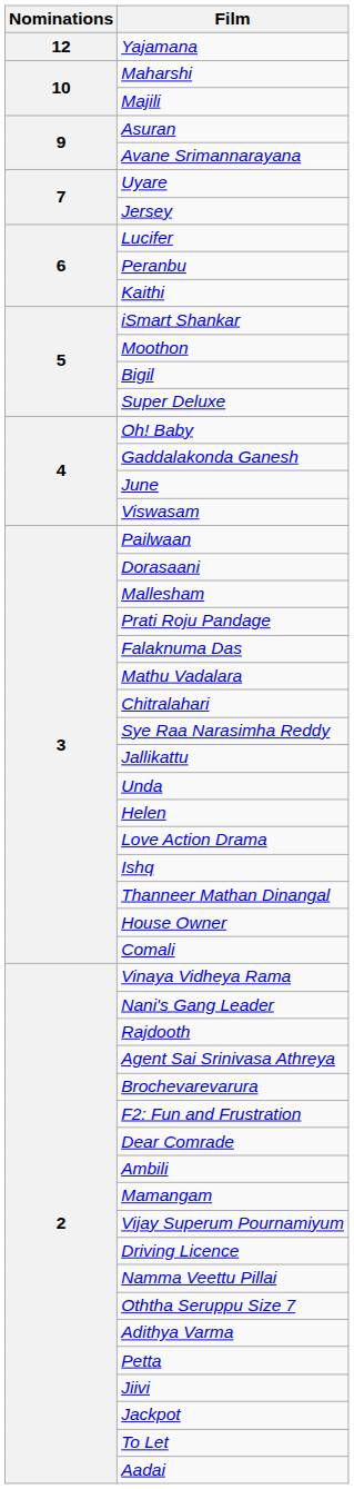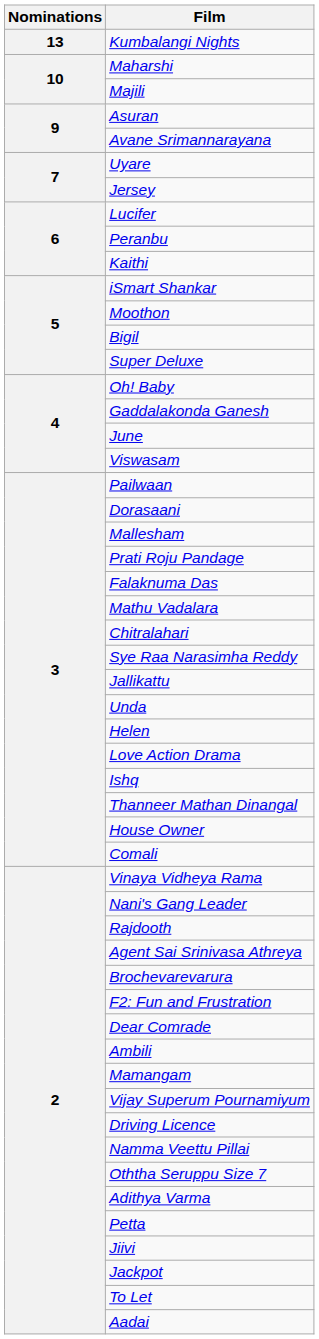 <table class="wikitable" style="display:inline-table;">
 <tr>
 <th>Nominations</th>
 <th>Film</th>
 </tr>
 <tr>
-<th>12</th>
-<td><a href='#'><em>Yajamana</em></a></td>
+<th>13</th>
+<td><em><a href='#'>Kumbalangi Nights</a></em></td>
 </tr>
 <tr>
 <th rowspan="2">10</th>
 <td><a href='#'><em>Maharshi</em></a></td>
 </tr>
 <tr>
 <td><em><a href='#'>Majili</a></em></td>
 </tr>
 <tr>
 <th rowspan="2">9</th>
 <td><a href='#'><em>Asuran</em></a></td>
 </tr>
 <tr>
 <td><em><a href='#'>Avane Srimannarayana</a></em></td>
 </tr>
 <tr>
 <th rowspan="2">7</th>
 <td><em><a href='#'>Uyare</a></em></td>
 </tr>
 <tr>
 <td><a href='#'><em>Jersey</em></a></td>
 </tr>
 <tr>
 <th rowspan="3">6</th>
 <td><a href='#'><em>Lucifer</em></a></td>
 </tr>
 <tr>
 <td><em><a href='#'>Peranbu</a></em></td>
 </tr>
 <tr>
 <td><a href='#'><em>Kaithi</em></a></td>
 </tr>
 <tr>
 <th rowspan="4">5</th>
 <td><em><a href='#'>iSmart Shankar</a></em></td>
 </tr>
 <tr>
 <td><em><a href='#'>Moothon</a></em></td>
 </tr>
 <tr>
 <td><em><a href='#'>Bigil</a></em></td>
 </tr>
 <tr>
 <td><em><a href='#'>Super Deluxe</a></em></td>
 </tr>
 <tr>
 <th rowspan="4">4</th>
 <td><em><a href='#'>Oh! Baby</a></em></td>
 </tr>
 <tr>
 <td><em><a href='#'>Gaddalakonda Ganesh</a></em></td>
 </tr>
 <tr>
 <td><em><a href='#'>June</a></em></td>
 </tr>
 <tr>
 <td><em><a href='#'>Viswasam</a></em></td>
 </tr>
 <tr>
 <th rowspan="16">3</th>
 <td><em><a href='#'>Pailwaan</a></em></td>
 </tr>
 <tr>
 <td><em><a href='#'>Dorasaani</a></em></td>
 </tr>
 <tr>
 <td><em><a href='#'>Mallesham</a></em></td>
 </tr>
 <tr>
 <td><em><a href='#'>Prati Roju Pandage</a></em></td>
 </tr>
 <tr>
 <td><em><a href='#'>Falaknuma Das</a></em></td>
 </tr>
 <tr>
 <td><em><a href='#'>Mathu Vadalara</a></em></td>
 </tr>
 <tr>
 <td><a href='#'><em>Chitralahari</em></a></td>
 </tr>
 <tr>
 <td><em><a href='#'>Sye Raa Narasimha Reddy</a></em></td>
 </tr>
 <tr>
 <td><a href='#'><em>Jallikattu</em></a></td>
 </tr>
 <tr>
 <td><a href='#'><em>Unda</em></a></td>
 </tr>
 <tr>
 <td><em><a href='#'>Helen</a></em></td>
 </tr>
 <tr>
 <td><em><a href='#'>Love Action Drama</a></em></td>
 </tr>
 <tr>
 <td><a href='#'><em>Ishq</em></a></td>
 </tr>
 <tr>
 <td><em><a href='#'>Thanneer Mathan Dinangal</a></em></td>
 </tr>
 <tr>
 <td><em><a href='#'>House Owner</a></em></td>
 </tr>
 <tr>
 <td><em><a href='#'>Comali</a></em></td>
 </tr>
 <tr>
 <th rowspan="19">2</th>
 <td><em><a href='#'>Vinaya Vidheya Rama</a></em></td>
 </tr>
 <tr>
 <td><em><a href='#'>Nani's Gang Leader</a></em></td>
 </tr>
 <tr>
 <td><em><a href='#'>Rajdooth</a></em></td>
 </tr>
 <tr>
 <td><em><a href='#'>Agent Sai Srinivasa Athreya</a></em></td>
 </tr>
 <tr>
 <td><em><a href='#'>Brochevarevarura</a></em></td>
 </tr>
 <tr>
 <td><em><a href='#'>F2: Fun and Frustration</a></em></td>
 </tr>
 <tr>
 <td><em><a href='#'>Dear Comrade</a></em></td>
 </tr>
 <tr>
 <td><a href='#'><em>Ambili</em></a></td>
 </tr>
 <tr>
 <td><a href='#'><em>Mamangam</em></a></td>
 </tr>
 <tr>
 <td><em><a href='#'>Vijay Superum Pournamiyum</a></em></td>
 </tr>
 <tr>
 <td><a href='#'><em>Driving Licence</em></a></td>
 </tr>
 <tr>
 <td><em><a href='#'>Namma Veettu Pillai</a></em></td>
 </tr>
 <tr>
 <td><em><a href='#'>Oththa Seruppu Size 7</a></em></td>
 </tr>
 <tr>
 <td><em><a href='#'>Adithya Varma</a></em></td>
 </tr>
 <tr>
 <td><a href='#'><em>Petta</em></a></td>
 </tr>
 <tr>
 <td><em><a href='#'>Jiivi</a></em></td>
 </tr>
 <tr>
 <td><em><a href='#'>Jackpot</a></em></td>
 </tr>
 <tr>
 <td><a href='#'><em>To Let</em></a></td>
 </tr>
 <tr>
 <td><em><a href='#'>Aadai</a></em></td>
 </tr>
 </table>
